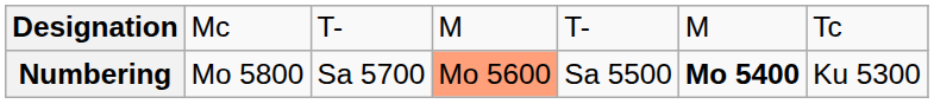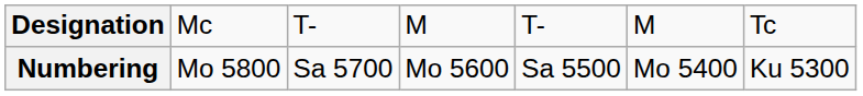 <table class="wikitable">
 <tr>
 <th>Designation</th>
 <td>Mc</td>
 <td>T-</td>
 <td>M</td>
 <td>T-</td>
 <td>M</td>
 <td>Tc</td>
 </tr>
 <tr>
 <th>Numbering</th>
 <td>Mo 5800</td>
 <td>Sa 5700</td>
-<td style="background: lightsalmon;">Mo 5600</td>
+<td>Mo 5600</td>
 <td>Sa 5500</td>
-<td><strong>Mo 5400</strong></td>
+<td>Mo 5400</td>
 <td>Ku 5300</td>
 </tr>
 </table>
